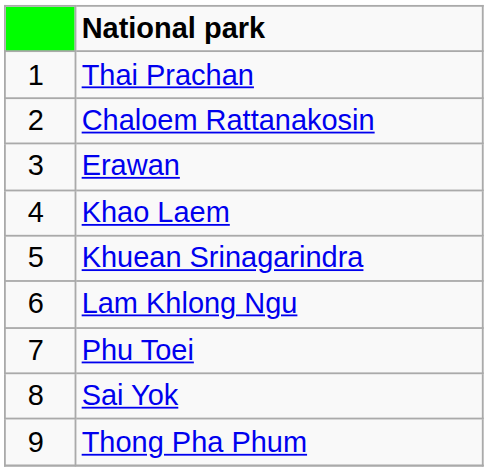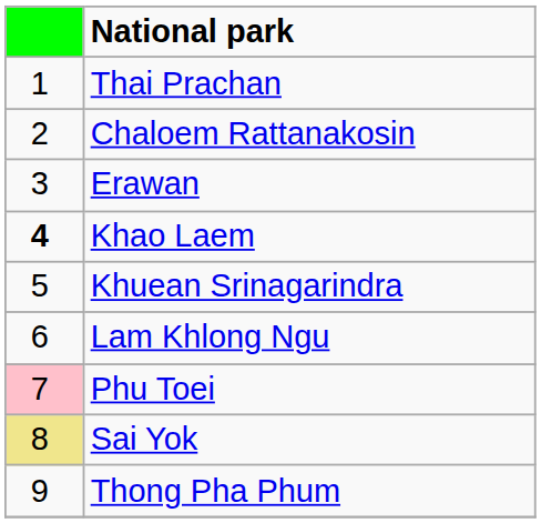 <table class= "wikitable" style= "width:30%; display:inline-table;">
 <tr>
 <td style="width:3%; background:#00FF00;"> </td>
 <td style="width:27%;"><strong>National park</strong></td>
 </tr>
 <tr>
 <td>  1</td>
 <td><a href='#'>Thai Prachan</a></td>
 </tr>
 <tr>
 <td>  2</td>
 <td><a href='#'>Chaloem Rattanakosin</a></td>
 </tr>
 <tr>
 <td>  3</td>
 <td><a href='#'>Erawan</a></td>
 </tr>
 <tr>
-<td>  4</td>
+<td><strong>  4</strong></td>
 <td><a href='#'>Khao Laem</a></td>
 </tr>
 <tr>
 <td>  5</td>
 <td><a href='#'>Khuean Srinagarindra</a></td>
 </tr>
 <tr>
 <td>  6</td>
 <td><a href='#'>Lam Khlong Ngu</a></td>
 </tr>
 <tr>
-<td>  7</td>
+<td style="background: pink;">  7</td>
 <td><a href='#'>Phu Toei</a></td>
 </tr>
 <tr>
-<td>  8</td>
+<td style="background: khaki;">  8</td>
 <td><a href='#'>Sai Yok</a></td>
 </tr>
 <tr>
 <td>  9</td>
 <td><a href='#'>Thong Pha Phum</a></td>
 </tr>
 <tr>
 </tr>
 </table>
